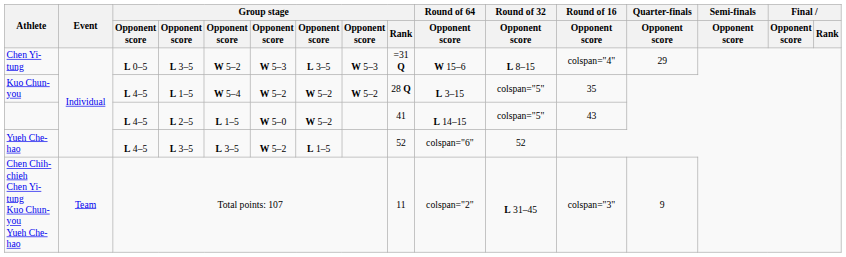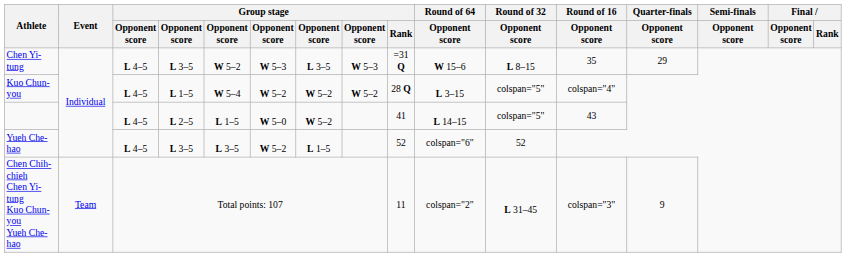 <table class="wikitable" style="font-size:90%; text-align:center">
 <tr>
 <th rowspan="2" width="75">Athlete</th>
 <th rowspan="2" width="75">Event</th>
 <th colspan="7">Group stage</th>
 <th width="100">Round of 64</th>
 <th width="100">Round of 32</th>
 <th width="100">Round of 16</th>
 <th width="100">Quarter-finals</th>
 <th width="100">Semi-finals</th>
 <th colspan="2">Final / </th>
 </tr>
 <tr>
 <th>Opponent<br>score</th>
 <th>Opponent<br>score</th>
 <th>Opponent<br>score</th>
 <th>Opponent<br>score</th>
 <th>Opponent<br>score</th>
 <th>Opponent<br>score</th>
 <th>Rank</th>
 <th>Opponent<br>score</th>
 <th>Opponent<br>score</th>
 <th>Opponent<br>score</th>
 <th>Opponent<br>score</th>
 <th>Opponent<br>score</th>
 <th>Opponent<br>score</th>
 <th>Rank</th>
 </tr>
 <tr>
 <td align="left"><a href='#'>Chen Yi-tung</a></td>
 <td rowspan="4"><a href='#'>Individual</a></td>
-<td><br><strong>L</strong> 0–5</td>
+<td><br><strong>L</strong> 4–5</td>
 <td><br><strong>L</strong> 3–5</td>
 <td><br><strong>W</strong> 5–2</td>
 <td><br><strong>W</strong> 5–3</td>
 <td><br><strong>L</strong> 3–5</td>
 <td><br><strong>W</strong> 5–3</td>
 <td>=31 <strong>Q</strong></td>
 <td><br><strong>W</strong> 15–6</td>
 <td><br><strong>L</strong> 8–15</td>
-<td>colspan="4" </td>
+<td>35</td>
 <td>29</td>
 </tr>
 <tr>
 <td align="left"><a href='#'>Kuo Chun-you</a></td>
 <td><br><strong>L</strong> 4–5</td>
 <td><br><strong>L</strong> 1–5</td>
 <td><br><strong>W</strong> 5–4</td>
 <td><br><strong>W</strong> 5–2</td>
 <td><br><strong>W</strong> 5–2</td>
 <td><br><strong>W</strong> 5–2</td>
 <td>28 <strong>Q</strong></td>
 <td><br><strong>L</strong> 3–15</td>
 <td>colspan="5" </td>
-<td>35</td>
+<td>colspan="4" </td>
 </tr>
 <tr>
 <td align="left"></td>
 <td><br><strong>L</strong> 4–5</td>
 <td><br><strong>L</strong> 2–5</td>
 <td><br><strong>L</strong> 1–5</td>
 <td><br><strong>W</strong> 5–0</td>
 <td><br><strong>W</strong> 5–2</td>
 <td></td>
 <td>41</td>
 <td><br><strong>L</strong> 14–15</td>
 <td>colspan="5" </td>
 <td>43</td>
 </tr>
 <tr>
 <td align="left"><a href='#'>Yueh Che-hao</a></td>
 <td><br><strong>L</strong> 4–5</td>
 <td><br><strong>L</strong> 3–5</td>
 <td><br><strong>L</strong> 3–5</td>
 <td><br><strong>W</strong> 5–2</td>
 <td><br><strong>L</strong> 1–5</td>
 <td></td>
 <td>52</td>
 <td>colspan="6" </td>
 <td>52</td>
 </tr>
 <tr>
 <td align="left"><a href='#'>Chen Chih-chieh</a><br><a href='#'>Chen Yi-tung</a><br><a href='#'>Kuo Chun-you</a><br><a href='#'>Yueh Che-hao</a></td>
 <td><a href='#'>Team</a></td>
 <td colspan="6">Total points: 107</td>
 <td>11</td>
 <td>colspan="2" </td>
 <td><br><strong>L</strong> 31–45</td>
 <td>colspan="3" </td>
 <td>9</td>
 </tr>
 </table>
